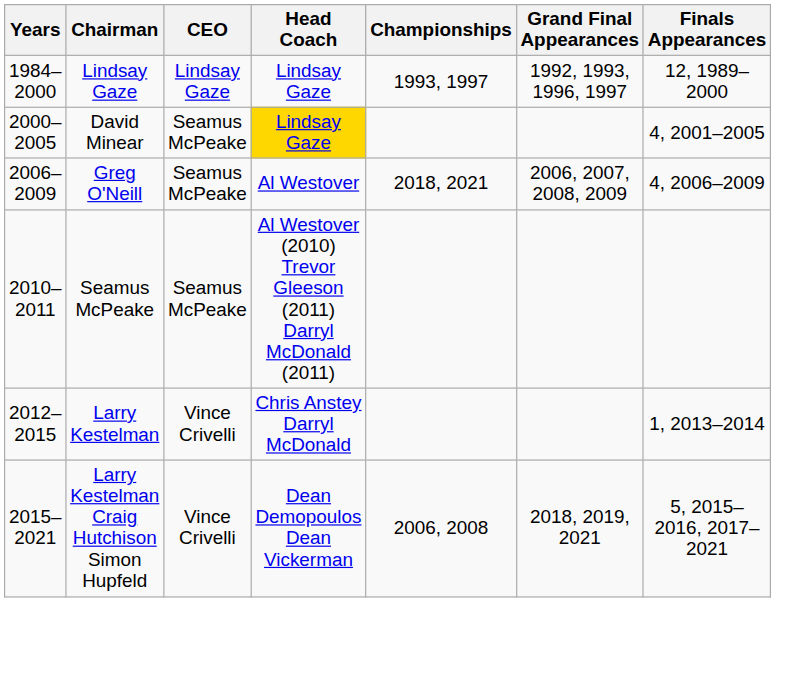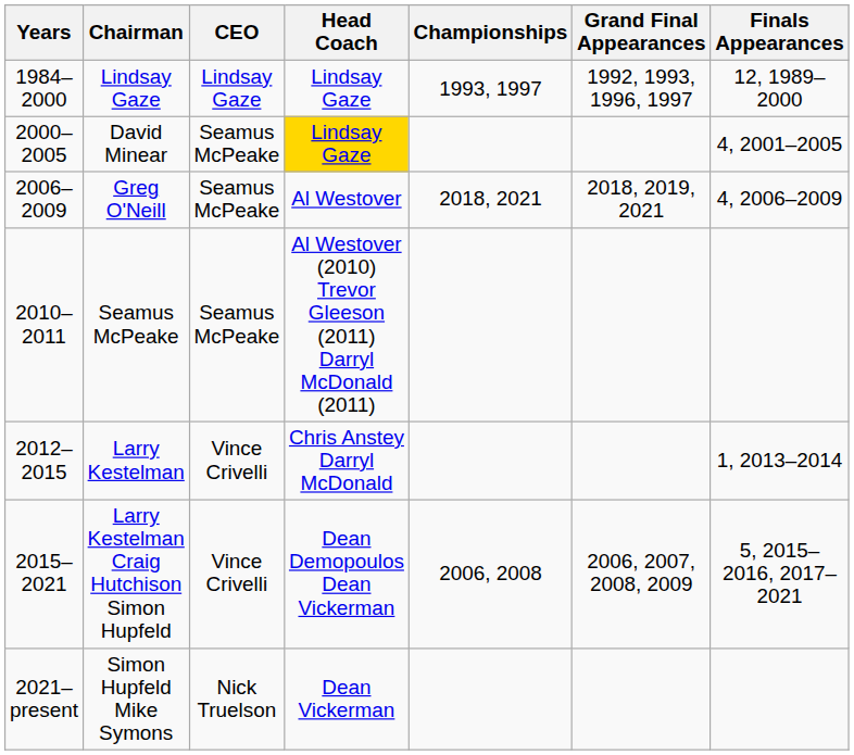 <table class="wikitable" style="text-align: center;">
 <tr bgcolor="#cccccc">
 <th>Years</th>
 <th>Chairman</th>
 <th>CEO</th>
 <th>Head Coach</th>
 <th>Championships</th>
 <th>Grand Final Appearances</th>
 <th>Finals Appearances</th>
 </tr>
 <tr>
 <td>1984–2000</td>
 <td><a href='#'>Lindsay Gaze</a></td>
 <td><a href='#'>Lindsay Gaze</a></td>
 <td><a href='#'>Lindsay Gaze</a></td>
 <td>1993, 1997</td>
 <td>1992, 1993, 1996, 1997</td>
 <td>12, 1989–2000</td>
 </tr>
 <tr>
 <td>2000–2005</td>
 <td>David Minear</td>
 <td>Seamus McPeake</td>
 <td style="background: gold;"><a href='#'>Lindsay Gaze</a></td>
 <td></td>
 <td></td>
 <td>4, 2001–2005</td>
 </tr>
 <tr>
 <td>2006–2009</td>
 <td><a href='#'>Greg O'Neill</a></td>
 <td>Seamus McPeake</td>
 <td><a href='#'>Al Westover</a></td>
 <td>2018, 2021</td>
-<td>2006, 2007, 2008, 2009</td>
+<td>2018, 2019, 2021</td>
 <td>4, 2006–2009</td>
 </tr>
 <tr>
 <td>2010–2011</td>
 <td>Seamus McPeake</td>
 <td>Seamus McPeake</td>
 <td><a href='#'>Al Westover</a> (2010)<br><a href='#'>Trevor Gleeson</a> (2011)<br><a href='#'>Darryl McDonald</a> (2011)</td>
 <td></td>
 <td></td>
 <td></td>
 </tr>
 <tr>
 <td>2012–2015</td>
 <td><a href='#'>Larry Kestelman</a></td>
 <td>Vince Crivelli</td>
 <td><a href='#'>Chris Anstey</a> <br> <a href='#'>Darryl McDonald</a></td>
 <td></td>
 <td></td>
 <td>1, 2013–2014</td>
 </tr>
 <tr>
 <td>2015–2021</td>
 <td><a href='#'>Larry Kestelman</a> <br> <a href='#'>Craig Hutchison</a> <br> Simon Hupfeld</td>
 <td>Vince Crivelli</td>
 <td><a href='#'>Dean Demopoulos</a> <br> <a href='#'>Dean Vickerman</a></td>
 <td>2006, 2008</td>
-<td>2018, 2019, 2021</td>
+<td>2006, 2007, 2008, 2009</td>
 <td>5, 2015–2016, 2017–2021</td>
 </tr>
+<tr>
+<td>2021–present</td>
+<td>Simon Hupfeld <br> Mike Symons</td>
+<td>Nick Truelson</td>
+<td><a href='#'>Dean Vickerman</a></td>
+<td></td>
+<td></td>
+<td></td>
+</tr>
 </table>
